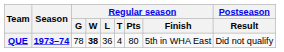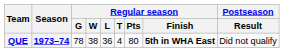 <table class="wikitable" style="font-size:95%; text-align:center;">
 <tr>
 <th rowspan="2">Team</th>
 <th rowspan="2">Season</th>
 <th colspan="6"><a href='#'>Regular season</a></th>
 <th><a href='#'>Postseason</a></th>
 </tr>
 <tr>
 <th>G</th>
 <th>W</th>
 <th>L</th>
 <th>T</th>
 <th>Pts</th>
 <th>Finish</th>
 <th>Result</th>
 </tr>
 <tr>
 <th><a href='#'>QUE</a></th>
 <th><a href='#'>1973–74</a></th>
 <td>78</td>
-<td><strong>38</strong></td>
+<td>38</td>
 <td>36</td>
 <td>4</td>
 <td>80</td>
-<td>5th in WHA East</td>
+<td><strong>5th in WHA East</strong></td>
 <td>Did not qualify</td>
 </tr>
 </table>
